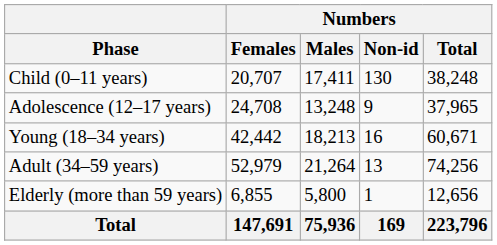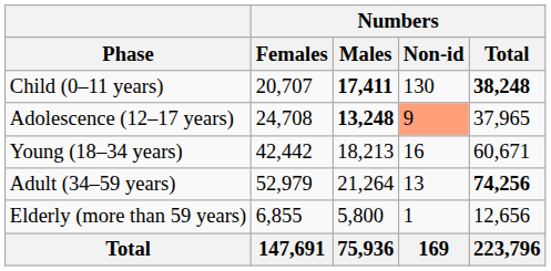 <table class="wikitable">
 <tr>
 <th></th>
 <th colspan="4">Numbers</th>
 </tr>
 <tr>
 <th>Phase</th>
 <th>Females</th>
 <th>Males</th>
 <th>Non-id</th>
 <th>Total</th>
 </tr>
 <tr>
 <td>Child (0–11 years)</td>
 <td>20,707</td>
-<td>17,411</td>
+<td><strong>17,411</strong></td>
 <td>130</td>
-<td>38,248</td>
+<td><strong>38,248</strong></td>
 </tr>
 <tr>
 <td>Adolescence (12–17 years)</td>
 <td>24,708</td>
-<td>13,248</td>
-<td>9</td>
+<td><strong>13,248</strong></td>
+<td style="background: lightsalmon;">9</td>
 <td>37,965</td>
 </tr>
 <tr>
 <td>Young (18–34 years)</td>
 <td>42,442</td>
 <td>18,213</td>
 <td>16</td>
 <td>60,671</td>
 </tr>
 <tr>
 <td>Adult (34–59 years)</td>
 <td>52,979</td>
 <td>21,264</td>
 <td>13</td>
-<td>74,256</td>
+<td><strong>74,256</strong></td>
 </tr>
 <tr>
 <td>Elderly (more than 59 years)</td>
 <td>6,855</td>
 <td>5,800</td>
 <td>1</td>
 <td>12,656</td>
 </tr>
 <tr>
 <th><strong>Total</strong></th>
 <th><strong>147,691</strong></th>
 <th><strong>75,936</strong></th>
 <th><strong>169</strong></th>
 <th><strong>223,796</strong></th>
 </tr>
 </table>
